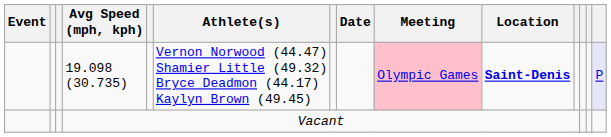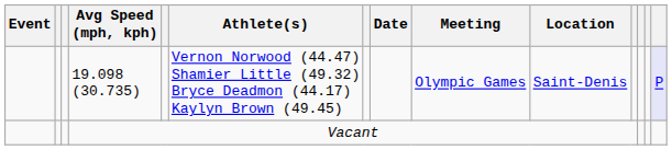 <table class="wikitable sortable plainrowheaders" style="font-size:90%;">
 <tr>
 <th>Event</th>
 <th></th>
 <th class="unsortable"></th>
 <th>Avg Speed<br>(mph, kph)</th>
 <th></th>
 <th>Athlete(s)</th>
 <th></th>
 <th>Date</th>
 <th>Meeting</th>
 <th>Location</th>
 <th></th>
 <th class="unsortable"></th>
 <th class="unsortable"></th>
 <th class="unsortable"></th>
 </tr>
 <tr>
 <td><em></em></td>
 <td></td>
 <td></td>
 <td>19.098<br>(30.735)</td>
 <td></td>
 <td><a href='#'>Vernon Norwood</a> (44.47)<br><a href='#'>Shamier Little</a> (49.32)<br><a href='#'>Bryce Deadmon</a> (44.17)<br><a href='#'>Kaylyn Brown</a> (49.45)</td>
 <td></td>
 <td></td>
-<td style="background: pink;"><a href='#'>Olympic Games</a></td>
-<td><strong><a href='#'>Saint-Denis</a></strong></td>
+<td><a href='#'>Olympic Games</a></td>
+<td><a href='#'>Saint-Denis</a></td>
 <td></td>
 <td></td>
 <td></td>
 <td style="background: lavender;"><a href='#'>P</a></td>
 </tr>
 <tr>
 <td></td>
 <td><em></em></td>
 <td></td>
 <td colspan="8" style="text-align:center"><em>Vacant</em></td>
 <td></td>
 <td></td>
 <td></td>
 </tr>
 </table>
